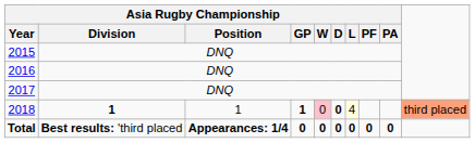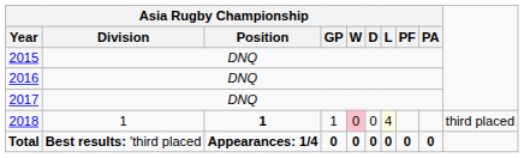 <table class="wikitable" style="text-align: center;font-size:90%;">
 <tr>
 <th colspan=9>Asia Rugby Championship</th>
 </tr>
 <tr>
 <th>Year</th>
 <th>Division</th>
 <th>Position</th>
 <th>GP</th>
 <th>W</th>
 <th>D</th>
 <th>L</th>
 <th>PF</th>
 <th>PA</th>
 </tr>
 <tr>
 <td><a href='#'>2015</a></td>
 <td colspan=8><em>DNQ</em></td>
 </tr>
 <tr>
 <td><a href='#'>2016</a></td>
 <td colspan=8><em>DNQ</em></td>
 </tr>
 <tr>
 <td><a href='#'>2017</a></td>
 <td colspan=8><em>DNQ</em></td>
 </tr>
 <tr>
 <td><a href='#'>2018</a></td>
+<td>1</td>
 <td><strong>1</strong></td>
 <td>1</td>
-<td><strong>1</strong></td>
 <td style="background: pink;">0</td>
-<td><strong>0</strong></td>
+<td>0</td>
 <td style="background: lightyellow;">4</td>
 <td></td>
 <td></td>
-<td style="background: lightsalmon;">third placed</td>
+<td>third placed</td>
 </tr>
 <tr>
 <td><strong>Total</strong></td>
 <td><strong>Best results:</strong> 'third placed</td>
 <td><strong>Appearances: 1/4</strong></td>
 <td><strong>0</strong></td>
 <td><strong>0</strong></td>
 <td><strong>0</strong></td>
 <td><strong>0</strong></td>
 <td><strong>0</strong></td>
 <td><strong>0</strong></td>
 </tr>
 </table>
